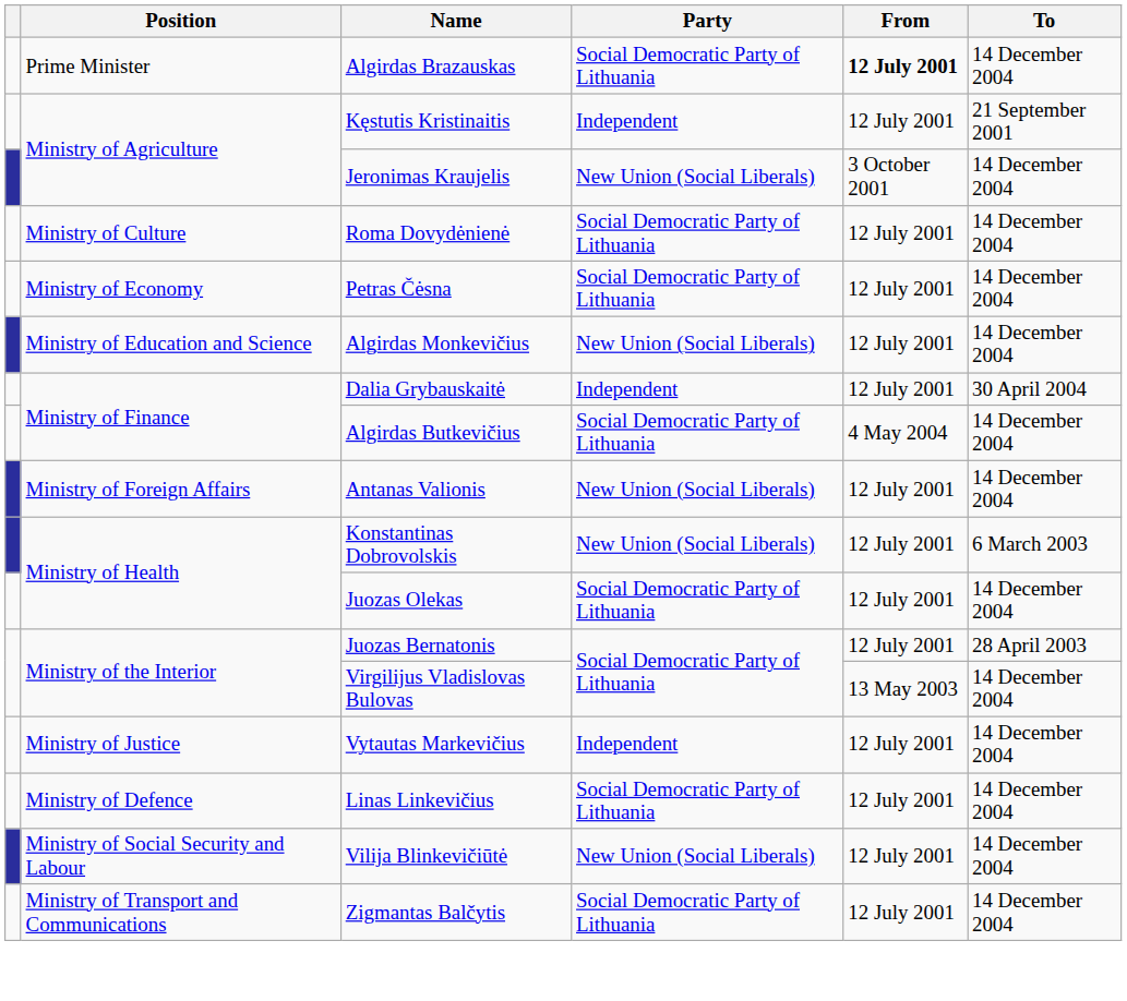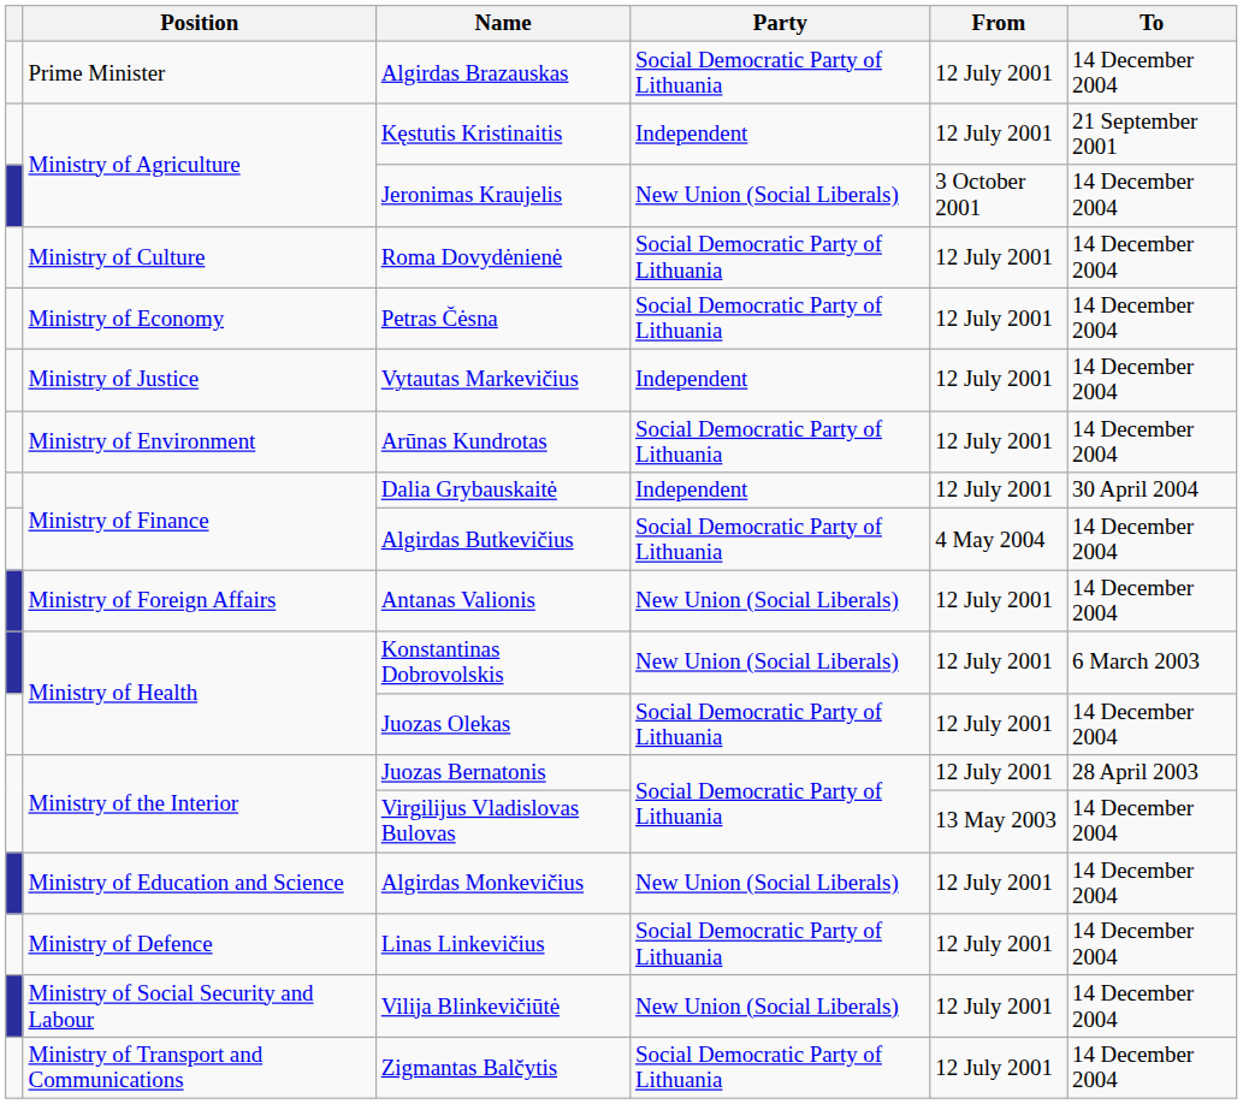 <table class="wikitable">
 <tr>
 <th></th>
 <th>Position</th>
 <th>Name</th>
 <th>Party</th>
 <th>From</th>
 <th>To</th>
 </tr>
 <tr>
 <td style="background-color: "></td>
 <td>Prime Minister</td>
 <td><a href='#'>Algirdas Brazauskas</a></td>
 <td><a href='#'>Social Democratic Party of Lithuania</a></td>
-<td><strong>12 July 2001</strong></td>
+<td>12 July 2001</td>
 <td>14 December 2004</td>
 </tr>
 <tr>
 <td width=5px style="background-color: "></td>
 <td rowspan=2><a href='#'>Ministry of Agriculture</a></td>
 <td><a href='#'>Kęstutis Kristinaitis</a></td>
 <td><a href='#'>Independent</a></td>
 <td>12 July 2001</td>
 <td>21 September 2001</td>
 </tr>
 <tr>
 <td style="background-color: #2A2D9C"></td>
 <td><a href='#'>Jeronimas Kraujelis</a></td>
 <td><a href='#'>New Union (Social Liberals)</a></td>
 <td>3 October 2001</td>
 <td>14 December 2004</td>
 </tr>
 <tr>
 <td style="background-color: "></td>
 <td><a href='#'>Ministry of Culture</a></td>
 <td><a href='#'>Roma Dovydėnienė</a></td>
 <td><a href='#'>Social Democratic Party of Lithuania</a></td>
 <td>12 July 2001</td>
 <td>14 December 2004</td>
 </tr>
 <tr>
 <td style="background-color: "></td>
 <td><a href='#'>Ministry of Economy</a></td>
 <td><a href='#'>Petras Čėsna</a></td>
 <td><a href='#'>Social Democratic Party of Lithuania</a></td>
 <td>12 July 2001</td>
 <td>14 December 2004</td>
 </tr>
 <tr>
-<td style="background-color: #2A2D9C"></td>
-<td><a href='#'>Ministry of Education and Science</a></td>
-<td><a href='#'>Algirdas Monkevičius</a></td>
-<td><a href='#'>New Union (Social Liberals)</a></td>
+<td width=5px style="background-color: "></td>
+<td><a href='#'>Ministry of Justice</a></td>
+<td><a href='#'>Vytautas Markevičius</a></td>
+<td><a href='#'>Independent</a></td>
+<td>12 July 2001</td>
+<td>14 December 2004</td>
+</tr>
+<tr>
+<td style="background-color: "></td>
+<td><a href='#'>Ministry of Environment</a></td>
+<td><a href='#'>Arūnas Kundrotas</a></td>
+<td><a href='#'>Social Democratic Party of Lithuania</a></td>
 <td>12 July 2001</td>
 <td>14 December 2004</td>
 </tr>
 <tr>
 <td width=5px style="background-color: "></td>
 <td rowspan=2><a href='#'>Ministry of Finance</a></td>
 <td><a href='#'>Dalia Grybauskaitė</a></td>
 <td><a href='#'>Independent</a></td>
 <td>12 July 2001</td>
 <td>30 April 2004</td>
 </tr>
 <tr>
 <td style="background-color: "></td>
 <td><a href='#'>Algirdas Butkevičius</a></td>
 <td><a href='#'>Social Democratic Party of Lithuania</a></td>
 <td>4 May 2004</td>
 <td>14 December 2004</td>
 </tr>
 <tr>
 <td style="background-color: #2A2D9C"></td>
 <td><a href='#'>Ministry of Foreign Affairs</a></td>
 <td><a href='#'>Antanas Valionis</a></td>
 <td><a href='#'>New Union (Social Liberals)</a></td>
 <td>12 July 2001</td>
 <td>14 December 2004</td>
 </tr>
 <tr>
 <td style="background-color: #2A2D9C"></td>
 <td rowspan=2><a href='#'>Ministry of Health</a></td>
 <td><a href='#'>Konstantinas Dobrovolskis</a></td>
 <td><a href='#'>New Union (Social Liberals)</a></td>
 <td>12 July 2001</td>
 <td>6 March 2003</td>
 </tr>
 <tr>
 <td style="background-color: "></td>
 <td><a href='#'>Juozas Olekas</a></td>
 <td><a href='#'>Social Democratic Party of Lithuania</a></td>
 <td>12 July 2001</td>
 <td>14 December 2004</td>
 </tr>
 <tr>
 <td rowspan=2 style="background-color: "></td>
 <td rowspan=2><a href='#'>Ministry of the Interior</a></td>
 <td><a href='#'>Juozas Bernatonis</a></td>
 <td rowspan=2><a href='#'>Social Democratic Party of Lithuania</a></td>
 <td>12 July 2001</td>
 <td>28 April 2003</td>
 </tr>
 <tr>
 <td><a href='#'>Virgilijus Vladislovas Bulovas</a></td>
 <td>13 May 2003</td>
 <td>14 December 2004</td>
 </tr>
 <tr>
-<td width=5px style="background-color: "></td>
-<td><a href='#'>Ministry of Justice</a></td>
-<td><a href='#'>Vytautas Markevičius</a></td>
-<td><a href='#'>Independent</a></td>
+<td style="background-color: #2A2D9C"></td>
+<td><a href='#'>Ministry of Education and Science</a></td>
+<td><a href='#'>Algirdas Monkevičius</a></td>
+<td><a href='#'>New Union (Social Liberals)</a></td>
 <td>12 July 2001</td>
 <td>14 December 2004</td>
 </tr>
 <tr>
 <td style="background-color: "></td>
 <td><a href='#'>Ministry of Defence</a></td>
 <td><a href='#'>Linas Linkevičius</a></td>
 <td><a href='#'>Social Democratic Party of Lithuania</a></td>
 <td>12 July 2001</td>
 <td>14 December 2004</td>
 </tr>
 <tr>
 <td style="background-color: #2A2D9C"></td>
 <td><a href='#'>Ministry of Social Security and Labour</a></td>
 <td><a href='#'>Vilija Blinkevičiūtė</a></td>
 <td><a href='#'>New Union (Social Liberals)</a></td>
 <td>12 July 2001</td>
 <td>14 December 2004</td>
 </tr>
 <tr>
 <td style="background-color: "></td>
 <td><a href='#'>Ministry of Transport and Communications</a></td>
 <td><a href='#'>Zigmantas Balčytis</a></td>
 <td><a href='#'>Social Democratic Party of Lithuania</a></td>
 <td>12 July 2001</td>
 <td>14 December 2004</td>
 </tr>
 </table>
